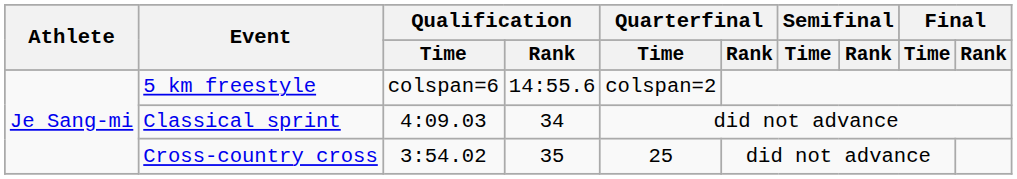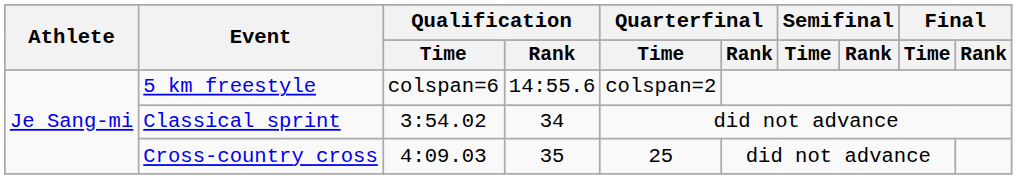 <table class="wikitable" style="font-size:90%">
 <tr>
 <th rowspan="2">Athlete</th>
 <th rowspan="2">Event</th>
 <th colspan="2">Qualification</th>
 <th colspan="2">Quarterfinal</th>
 <th colspan="2">Semifinal</th>
 <th colspan="2">Final</th>
 </tr>
 <tr style="font-size:95%">
 <th>Time</th>
 <th>Rank</th>
 <th>Time</th>
 <th>Rank</th>
 <th>Time</th>
 <th>Rank</th>
 <th>Time</th>
 <th>Rank</th>
 </tr>
 <tr align=center>
 <td align=left rowspan=3><a href='#'>Je Sang-mi</a></td>
 <td align=left><a href='#'>5 km freestyle</a></td>
 <td>colspan=6 </td>
 <td>14:55.6</td>
 <td>colspan=2 </td>
 </tr>
 <tr align=center>
 <td align=left><a href='#'>Classical sprint</a></td>
-<td>4:09.03</td>
+<td>3:54.02</td>
 <td>34</td>
 <td colspan=6>did not advance</td>
 </tr>
 <tr align=center>
 <td align=left><a href='#'>Cross-country cross</a></td>
-<td>3:54.02</td>
+<td>4:09.03</td>
 <td>35</td>
 <td>25</td>
 <td colspan=4>did not advance</td>
 </tr>
 </table>
